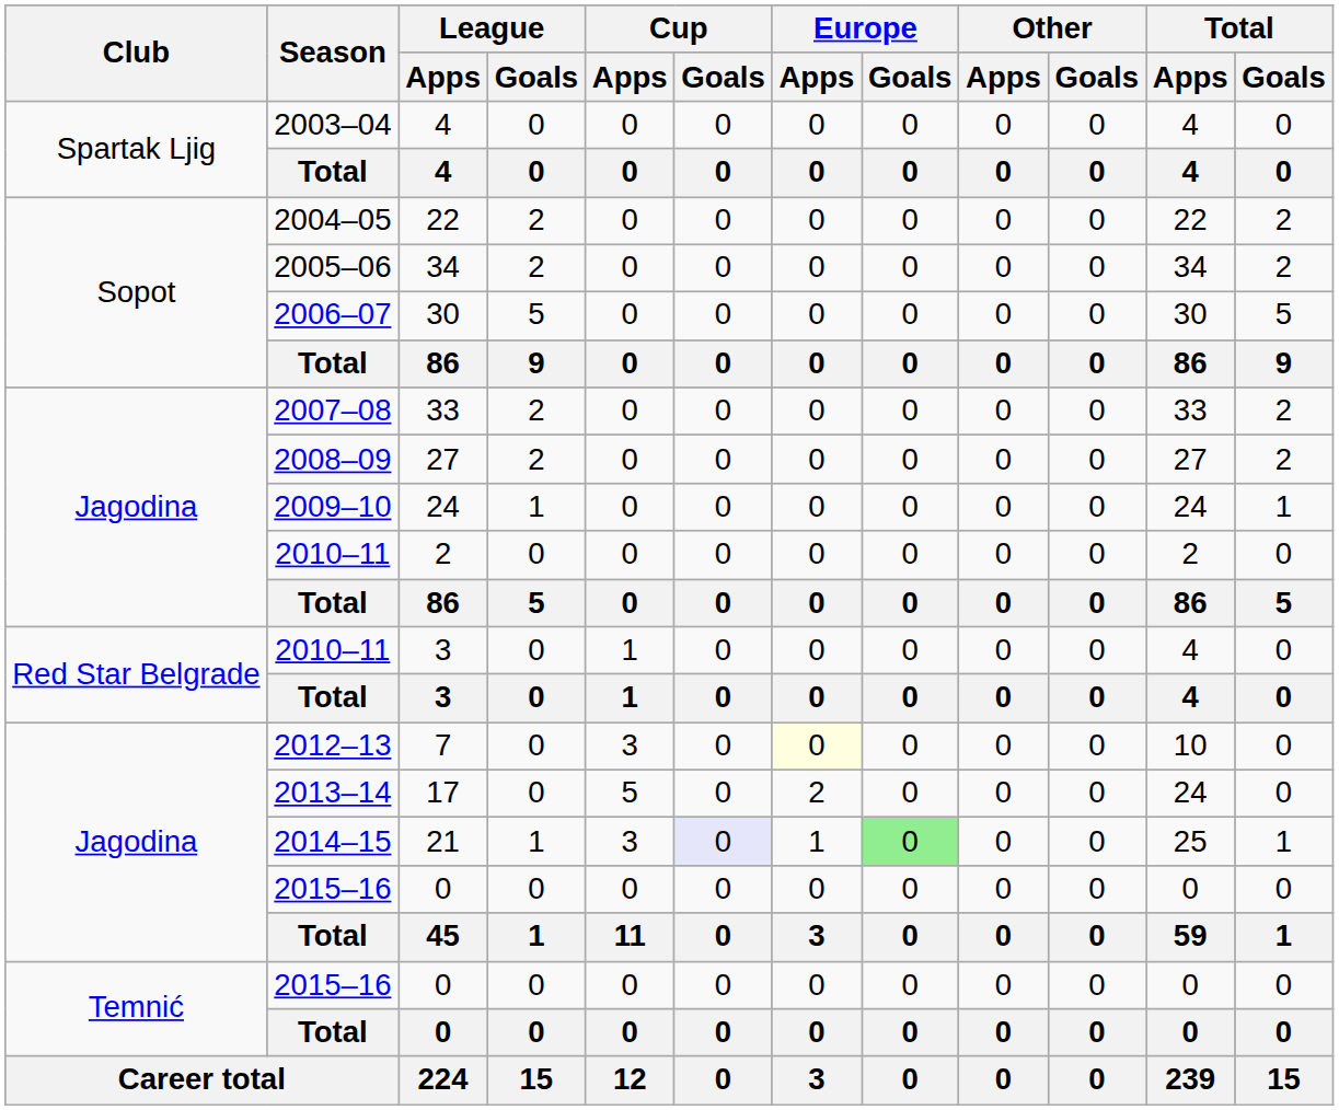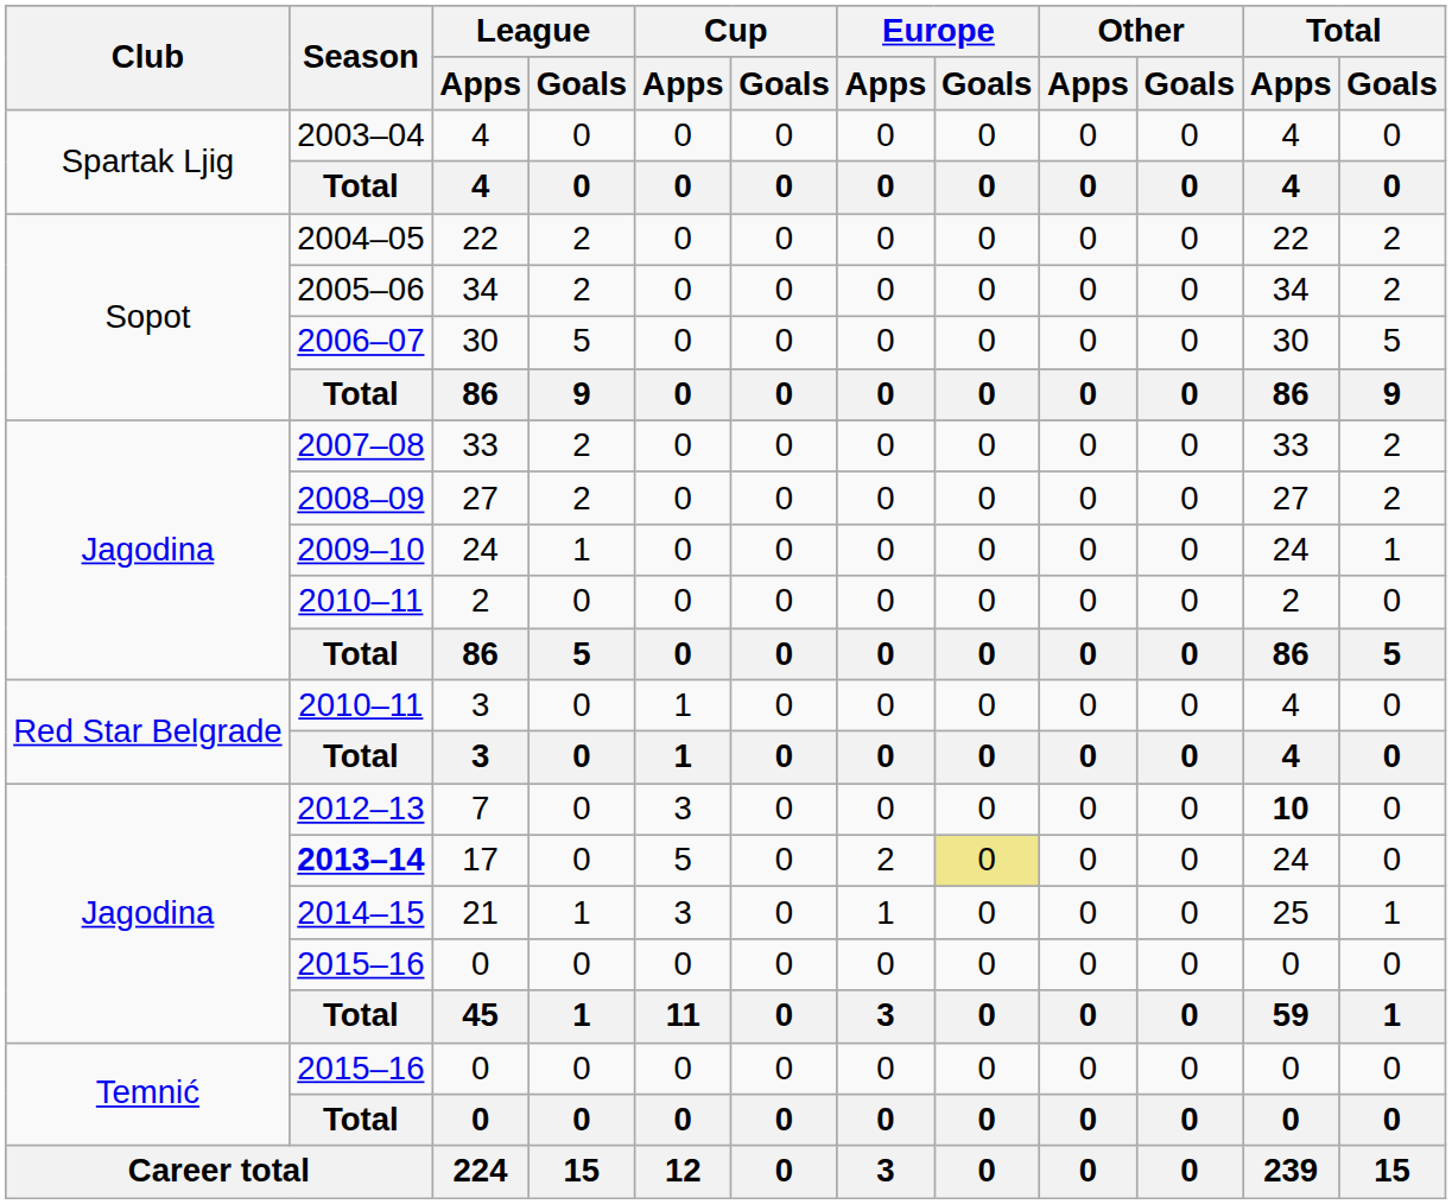 <table class="wikitable" style="text-align: center;">
 <tr>
 <th rowspan="2">Club</th>
 <th rowspan="2">Season</th>
 <th colspan="2">League</th>
 <th colspan="2">Cup</th>
 <th colspan="2"><a href='#'>Europe</a></th>
 <th colspan="2">Other</th>
 <th colspan="2">Total</th>
 </tr>
 <tr>
 <th>Apps</th>
 <th>Goals</th>
 <th>Apps</th>
 <th>Goals</th>
 <th>Apps</th>
 <th>Goals</th>
 <th>Apps</th>
 <th>Goals</th>
 <th>Apps</th>
 <th>Goals</th>
 </tr>
 <tr>
 <td rowspan="2">Spartak Ljig</td>
 <td>2003–04</td>
 <td>4</td>
 <td>0</td>
 <td>0</td>
 <td>0</td>
 <td>0</td>
 <td>0</td>
 <td>0</td>
 <td>0</td>
 <td>4</td>
 <td>0</td>
 </tr>
 <tr>
 <th>Total</th>
 <th>4</th>
 <th>0</th>
 <th>0</th>
 <th>0</th>
 <th>0</th>
 <th>0</th>
 <th>0</th>
 <th>0</th>
 <th>4</th>
 <th>0</th>
 </tr>
 <tr>
 <td rowspan="4">Sopot</td>
 <td>2004–05</td>
 <td>22</td>
 <td>2</td>
 <td>0</td>
 <td>0</td>
 <td>0</td>
 <td>0</td>
 <td>0</td>
 <td>0</td>
 <td>22</td>
 <td>2</td>
 </tr>
 <tr>
 <td>2005–06</td>
 <td>34</td>
 <td>2</td>
 <td>0</td>
 <td>0</td>
 <td>0</td>
 <td>0</td>
 <td>0</td>
 <td>0</td>
 <td>34</td>
 <td>2</td>
 </tr>
 <tr>
 <td><a href='#'>2006–07</a></td>
 <td>30</td>
 <td>5</td>
 <td>0</td>
 <td>0</td>
 <td>0</td>
 <td>0</td>
 <td>0</td>
 <td>0</td>
 <td>30</td>
 <td>5</td>
 </tr>
 <tr>
 <th>Total</th>
 <th>86</th>
 <th>9</th>
 <th>0</th>
 <th>0</th>
 <th>0</th>
 <th>0</th>
 <th>0</th>
 <th>0</th>
 <th>86</th>
 <th>9</th>
 </tr>
 <tr>
 <td rowspan="5"><a href='#'>Jagodina</a></td>
 <td><a href='#'>2007–08</a></td>
 <td>33</td>
 <td>2</td>
 <td>0</td>
 <td>0</td>
 <td>0</td>
 <td>0</td>
 <td>0</td>
 <td>0</td>
 <td>33</td>
 <td>2</td>
 </tr>
 <tr>
 <td><a href='#'>2008–09</a></td>
 <td>27</td>
 <td>2</td>
 <td>0</td>
 <td>0</td>
 <td>0</td>
 <td>0</td>
 <td>0</td>
 <td>0</td>
 <td>27</td>
 <td>2</td>
 </tr>
 <tr>
 <td><a href='#'>2009–10</a></td>
 <td>24</td>
 <td>1</td>
 <td>0</td>
 <td>0</td>
 <td>0</td>
 <td>0</td>
 <td>0</td>
 <td>0</td>
 <td>24</td>
 <td>1</td>
 </tr>
 <tr>
 <td><a href='#'>2010–11</a></td>
 <td>2</td>
 <td>0</td>
 <td>0</td>
 <td>0</td>
 <td>0</td>
 <td>0</td>
 <td>0</td>
 <td>0</td>
 <td>2</td>
 <td>0</td>
 </tr>
 <tr>
 <th>Total</th>
 <th>86</th>
 <th>5</th>
 <th>0</th>
 <th>0</th>
 <th>0</th>
 <th>0</th>
 <th>0</th>
 <th>0</th>
 <th>86</th>
 <th>5</th>
 </tr>
 <tr>
 <td rowspan="2"><a href='#'>Red Star Belgrade</a></td>
 <td><a href='#'>2010–11</a></td>
 <td>3</td>
 <td>0</td>
 <td>1</td>
 <td>0</td>
 <td>0</td>
 <td>0</td>
 <td>0</td>
 <td>0</td>
 <td>4</td>
 <td>0</td>
 </tr>
 <tr>
 <th>Total</th>
 <th>3</th>
 <th>0</th>
 <th>1</th>
 <th>0</th>
 <th>0</th>
 <th>0</th>
 <th>0</th>
 <th>0</th>
 <th>4</th>
 <th>0</th>
 </tr>
 <tr>
 <td rowspan="5"><a href='#'>Jagodina</a></td>
 <td><a href='#'>2012–13</a></td>
 <td>7</td>
 <td>0</td>
 <td>3</td>
 <td>0</td>
-<td style="background: lightyellow;">0</td>
 <td>0</td>
 <td>0</td>
 <td>0</td>
-<td>10</td>
+<td>0</td>
+<td><strong>10</strong></td>
 <td>0</td>
 </tr>
 <tr>
-<td><a href='#'>2013–14</a></td>
+<td><strong><a href='#'>2013–14</a></strong></td>
 <td>17</td>
 <td>0</td>
 <td>5</td>
 <td>0</td>
 <td>2</td>
-<td>0</td>
+<td style="background: khaki;">0</td>
 <td>0</td>
 <td>0</td>
 <td>24</td>
 <td>0</td>
 </tr>
 <tr>
 <td><a href='#'>2014–15</a></td>
 <td>21</td>
 <td>1</td>
 <td>3</td>
-<td style="background: lavender;">0</td>
+<td>0</td>
 <td>1</td>
-<td style="background: lightgreen;">0</td>
+<td>0</td>
 <td>0</td>
 <td>0</td>
 <td>25</td>
 <td>1</td>
 </tr>
 <tr>
 <td><a href='#'>2015–16</a></td>
 <td>0</td>
 <td>0</td>
 <td>0</td>
 <td>0</td>
 <td>0</td>
 <td>0</td>
 <td>0</td>
 <td>0</td>
 <td>0</td>
 <td>0</td>
 </tr>
 <tr>
 <th>Total</th>
 <th>45</th>
 <th>1</th>
 <th>11</th>
 <th>0</th>
 <th>3</th>
 <th>0</th>
 <th>0</th>
 <th>0</th>
 <th>59</th>
 <th>1</th>
 </tr>
 <tr>
 <td rowspan="2"><a href='#'>Temnić</a></td>
 <td><a href='#'>2015–16</a></td>
 <td>0</td>
 <td>0</td>
 <td>0</td>
 <td>0</td>
 <td>0</td>
 <td>0</td>
 <td>0</td>
 <td>0</td>
 <td>0</td>
 <td>0</td>
 </tr>
 <tr>
 <th>Total</th>
 <th>0</th>
 <th>0</th>
 <th>0</th>
 <th>0</th>
 <th>0</th>
 <th>0</th>
 <th>0</th>
 <th>0</th>
 <th>0</th>
 <th>0</th>
 </tr>
 <tr>
 <th colspan="2">Career total</th>
 <th>224</th>
 <th>15</th>
 <th>12</th>
 <th>0</th>
 <th>3</th>
 <th>0</th>
 <th>0</th>
 <th>0</th>
 <th>239</th>
 <th>15</th>
 </tr>
 </table>
